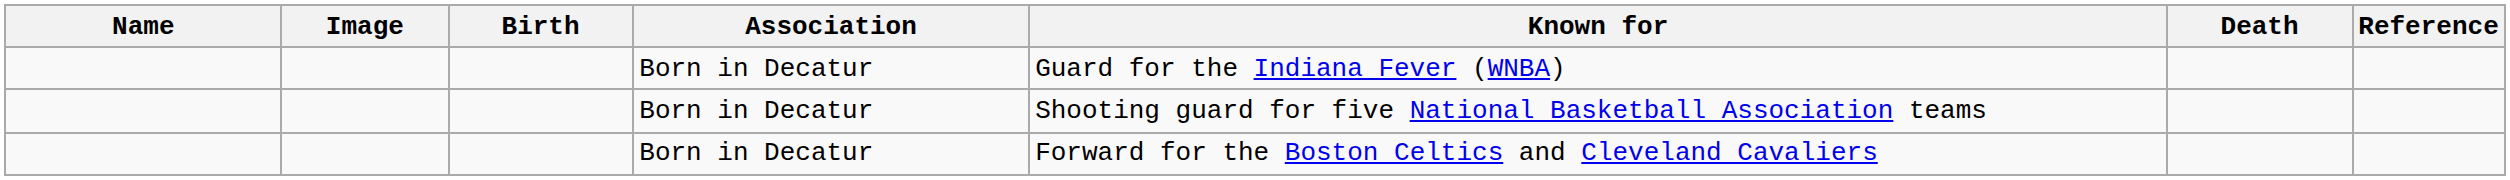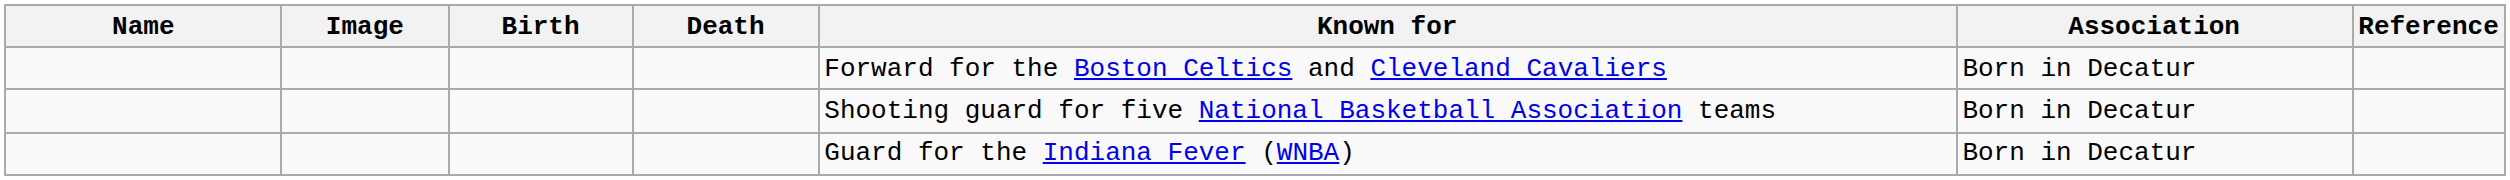 <table class="wikitable sortable">
 <tr>
 <th scope="col" style="width:140px;">Name</th>
 <th scope="col" style="width:80px;" class="unsortable">Image</th>
 <th scope="col" style="width:90px;">Birth</th>
+<th scope="col" style="width:90px;">Death</th>
+<th scope="col" style="width:600px;" class="unsortable">Known for</th>
 <th scope="col" style="width:200px;" class="unsortable">Association</th>
-<th scope="col" style="width:600px;" class="unsortable">Known for</th>
-<th scope="col" style="width:90px;">Death</th>
 <th scope="col" style="width:30px;" class="unsortable">Reference</th>
 </tr>
 <tr>
 <td></td>
 <td></td>
 <td align=right></td>
+<td align=right></td>
+<td>Forward for the <a href='#'>Boston Celtics</a> and <a href='#'>Cleveland Cavaliers</a></td>
 <td>Born in Decatur</td>
-<td>Guard for the <a href='#'>Indiana Fever</a> (<a href='#'>WNBA</a>)</td>
-<td align=right></td>
 <td style="text-align:center;"></td>
 </tr>
 <tr>
 <td></td>
 <td></td>
 <td align=right></td>
+<td align=right></td>
+<td>Shooting guard for five <a href='#'>National Basketball Association</a> teams</td>
 <td>Born in Decatur</td>
-<td>Shooting guard for five <a href='#'>National Basketball Association</a> teams</td>
-<td align=right></td>
 <td style="text-align:center;"></td>
 </tr>
 <tr>
 <td></td>
 <td></td>
 <td align=right></td>
+<td align=right></td>
+<td>Guard for the <a href='#'>Indiana Fever</a> (<a href='#'>WNBA</a>)</td>
 <td>Born in Decatur</td>
-<td>Forward for the <a href='#'>Boston Celtics</a> and <a href='#'>Cleveland Cavaliers</a></td>
-<td align=right></td>
 <td style="text-align:center;"></td>
 </tr>
 </table>
